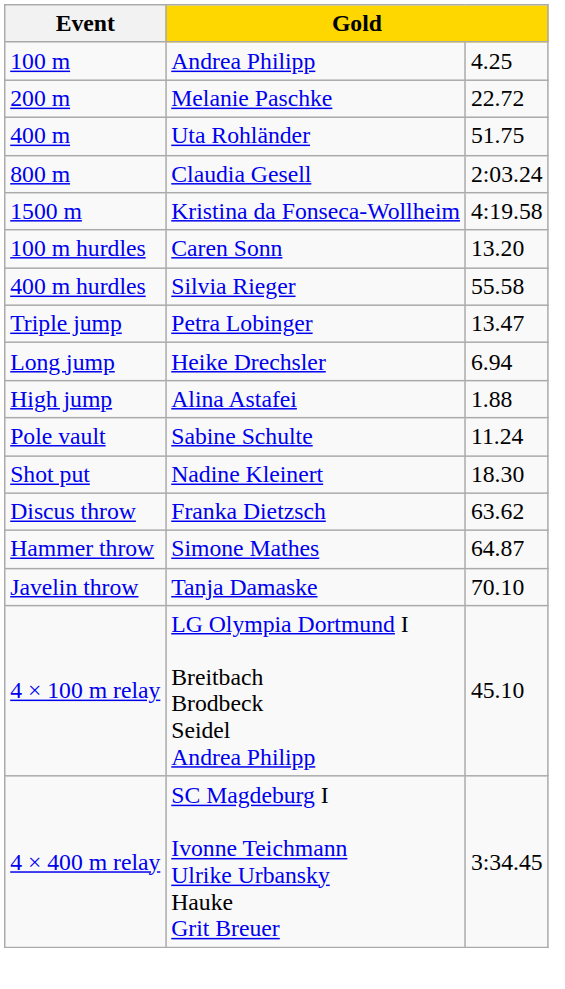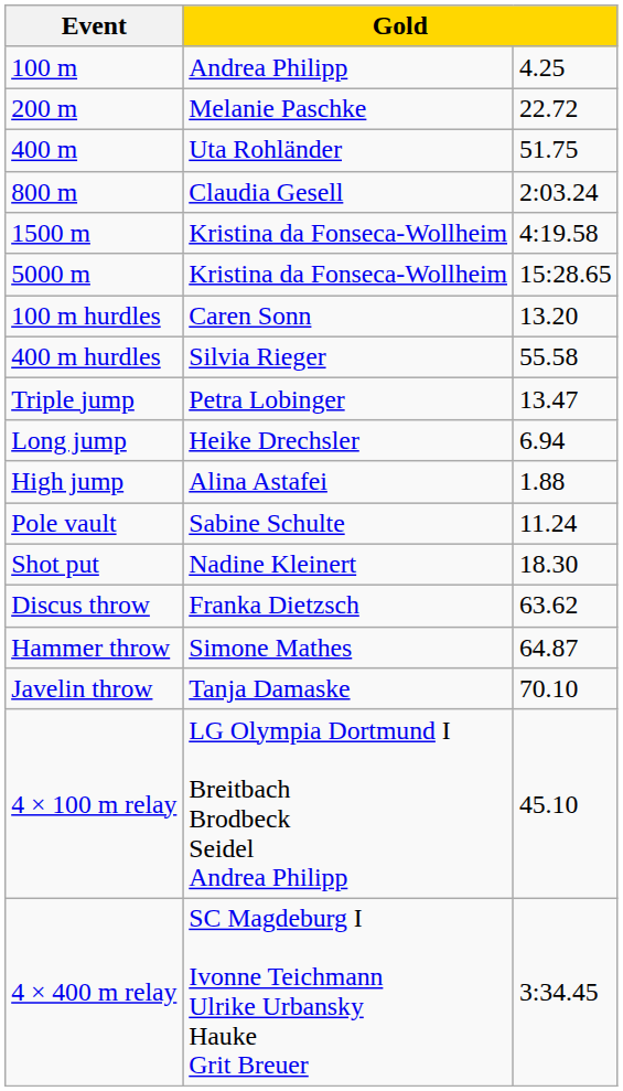 <table class="wikitable">
 <tr>
 <th>Event</th>
 <th style="background:gold;" colspan=2>Gold</th>
 </tr>
 <tr>
 <td><a href='#'>100 m</a></td>
 <td><a href='#'>Andrea Philipp</a></td>
 <td>4.25 </td>
 </tr>
 <tr>
 <td><a href='#'>200 m</a></td>
 <td><a href='#'>Melanie Paschke</a></td>
 <td>22.72</td>
 </tr>
 <tr>
 <td><a href='#'>400 m</a></td>
 <td><a href='#'>Uta Rohländer</a></td>
 <td>51.75</td>
 </tr>
 <tr>
 <td><a href='#'>800 m</a></td>
 <td><a href='#'>Claudia Gesell</a></td>
 <td>2:03.24 </td>
 </tr>
 <tr>
 <td><a href='#'>1500 m</a></td>
 <td><a href='#'>Kristina da Fonseca-Wollheim</a></td>
 <td>4:19.58</td>
+</tr>
+<tr>
+<td><a href='#'>5000 m</a></td>
+<td><a href='#'>Kristina da Fonseca-Wollheim</a></td>
+<td>15:28.65</td>
 </tr>
 <tr>
 <td><a href='#'>100 m hurdles</a></td>
 <td><a href='#'>Caren Sonn</a></td>
 <td>13.20</td>
 </tr>
 <tr>
 <td><a href='#'>400 m hurdles</a></td>
 <td><a href='#'>Silvia Rieger</a></td>
 <td>55.58</td>
 </tr>
 <tr>
 <td><a href='#'>Triple jump</a></td>
 <td><a href='#'>Petra Lobinger</a></td>
 <td>13.47</td>
 </tr>
 <tr>
 <td><a href='#'>Long jump</a></td>
 <td><a href='#'>Heike Drechsler</a></td>
 <td>6.94</td>
 </tr>
 <tr>
 <td><a href='#'>High jump</a></td>
 <td><a href='#'>Alina Astafei</a></td>
 <td>1.88</td>
 </tr>
 <tr>
 <td><a href='#'>Pole vault</a></td>
 <td><a href='#'>Sabine Schulte</a></td>
 <td>11.24</td>
 </tr>
 <tr>
 <td><a href='#'>Shot put</a></td>
 <td><a href='#'>Nadine Kleinert</a></td>
 <td>18.30</td>
 </tr>
 <tr>
 <td><a href='#'>Discus throw</a></td>
 <td><a href='#'>Franka Dietzsch</a></td>
 <td>63.62</td>
 </tr>
 <tr>
 <td><a href='#'>Hammer throw</a></td>
 <td><a href='#'>Simone Mathes</a></td>
 <td>64.87</td>
 </tr>
 <tr>
 <td><a href='#'>Javelin throw</a></td>
 <td><a href='#'>Tanja Damaske</a></td>
 <td>70.10</td>
 </tr>
 <tr>
 <td><a href='#'>4 × 100 m relay</a></td>
 <td><a href='#'>LG Olympia Dortmund</a> I <br><br>Breitbach <br> Brodbeck <br> Seidel <br> <a href='#'>Andrea Philipp</a></td>
 <td>45.10</td>
 </tr>
 <tr>
 <td><a href='#'>4 × 400 m relay</a></td>
 <td><a href='#'>SC Magdeburg</a> I <br><br><a href='#'>Ivonne Teichmann</a> <br> <a href='#'>Ulrike Urbansky</a> <br> Hauke <br> <a href='#'>Grit Breuer</a></td>
 <td>3:34.45</td>
 </tr>
 </table>
